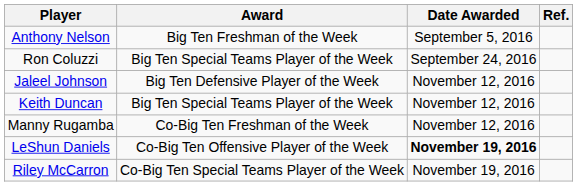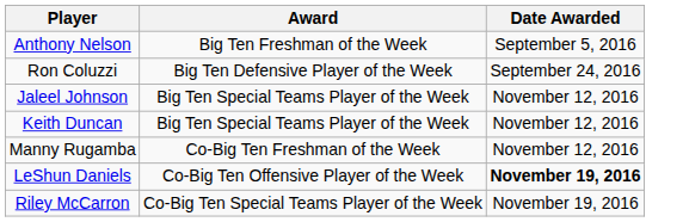 <table class="wikitable sortable sortable" style="text-align: center">
 <tr align=center>
 <th>Player</th>
 <th>Award</th>
 <th>Date Awarded</th>
-<th>Ref.</th>
 </tr>
 <tr>
 <td><a href='#'>Anthony Nelson</a></td>
 <td>Big Ten Freshman of the Week</td>
 <td>September 5, 2016</td>
-<td></td>
 </tr>
 <tr>
 <td>Ron Coluzzi</td>
-<td>Big Ten Special Teams Player of the Week</td>
+<td>Big Ten Defensive Player of the Week</td>
 <td>September 24, 2016</td>
-<td></td>
 </tr>
 <tr>
 <td><a href='#'>Jaleel Johnson</a></td>
-<td>Big Ten Defensive Player of the Week</td>
+<td>Big Ten Special Teams Player of the Week</td>
 <td>November 12, 2016</td>
-<td></td>
 </tr>
 <tr>
 <td><a href='#'>Keith Duncan</a></td>
 <td>Big Ten Special Teams Player of the Week</td>
 <td>November 12, 2016</td>
-<td></td>
 </tr>
 <tr>
 <td>Manny Rugamba</td>
 <td>Co-Big Ten Freshman of the Week</td>
 <td>November 12, 2016</td>
-<td></td>
 </tr>
 <tr>
 <td><a href='#'>LeShun Daniels</a></td>
 <td>Co-Big Ten Offensive Player of the Week</td>
 <td><strong>November 19, 2016</strong></td>
-<td></td>
 </tr>
 <tr>
 <td><a href='#'>Riley McCarron</a></td>
 <td>Co-Big Ten Special Teams Player of the Week</td>
 <td>November 19, 2016</td>
-<td></td>
 </tr>
 </table>
